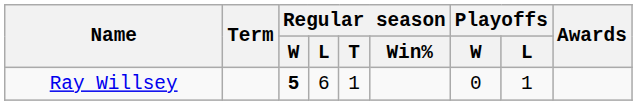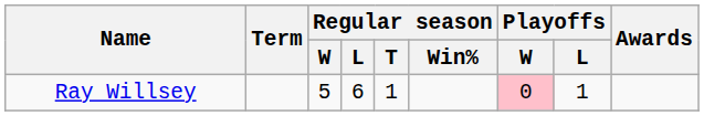 <table class="wikitable">
 <tr>
 <th rowspan="2" style="width:140px;">Name</th>
 <th rowspan="2">Term</th>
 <th colspan="4">Regular season</th>
 <th colspan="2">Playoffs</th>
 <th rowspan="2">Awards</th>
 </tr>
 <tr>
 <th>W</th>
 <th>L</th>
 <th>T</th>
 <th>Win%</th>
 <th>W</th>
 <th>L</th>
 </tr>
 <tr>
 <td style="text-align:center;"><a href='#'>Ray Willsey</a></td>
 <td style="text-align:center;"></td>
-<td style="text-align:center;"><strong>5</strong></td>
+<td style="text-align:center;">5</td>
 <td style="text-align:center;">6</td>
 <td style="text-align:center;">1</td>
 <td style="text-align:center;"></td>
-<td style="text-align:center;">0</td>
+<td style="background: pink; text-align:center;">0</td>
 <td style="text-align:center;">1</td>
 <td style="text-align:center;"></td>
 </tr>
 </table>
